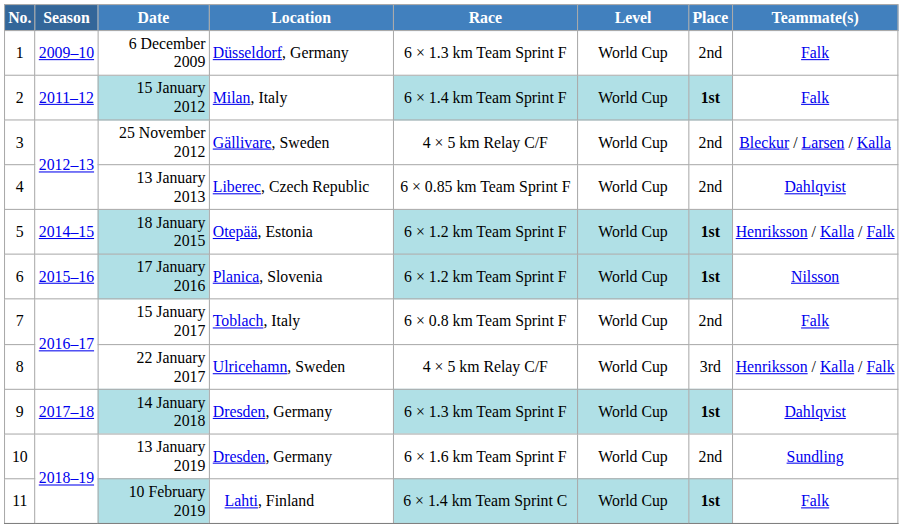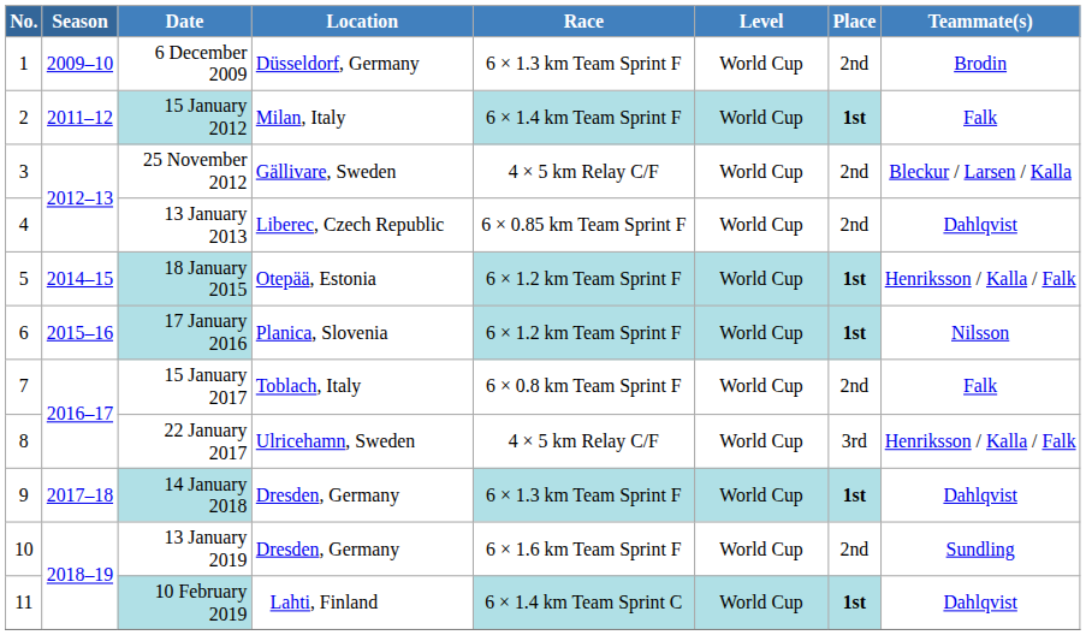 <table class="wikitable sortable" style="font-size:95%; text-align:center; border:grey solid 1px; border-collapse:collapse; background:#ffffff;">
 <tr style="background:#efefef;">
 <th style="background-color:#369; color:white;">No.</th>
 <th style="background-color:#369; color:white;">Season</th>
 <th style="background-color:#4180be; color:white; width:100px;">Date</th>
 <th style="background-color:#4180be; color:white; width:170px;">Location</th>
 <th style="background-color:#4180be; color:white; width:170px;">Race</th>
 <th style="background-color:#4180be; color:white; width:100px;">Level</th>
 <th style="background-color:#4180be; color:white;">Place</th>
 <th style="background-color:#4180be; color:white;">Teammate(s)</th>
 </tr>
 <tr>
 <td align=center>1</td>
 <td rowspan=1 align=center><a href='#'>2009–10</a></td>
 <td align=right>6 December 2009</td>
 <td align=left> <a href='#'>Düsseldorf</a>, Germany</td>
 <td>6 × 1.3 km Team Sprint F</td>
 <td>World Cup</td>
 <td>2nd</td>
-<td><a href='#'>Falk</a></td>
+<td><a href='#'>Brodin</a></td>
 </tr>
 <tr>
 <td align=center>2</td>
 <td rowspan=1 align=center><a href='#'>2011–12</a></td>
 <td bgcolor="#BOEOE6" align=right>15 January 2012</td>
 <td align=left> <a href='#'>Milan</a>, Italy</td>
 <td bgcolor="#BOEOE6" align=center>6 × 1.4 km Team Sprint F</td>
 <td bgcolor="#BOEOE6" align=center>World Cup</td>
 <td bgcolor="#BOEOE6" align=center><strong>1st</strong></td>
 <td><a href='#'>Falk</a></td>
 </tr>
 <tr>
 <td align=center>3</td>
 <td rowspan=2 align=center><a href='#'>2012–13</a></td>
 <td align=right>25 November 2012</td>
 <td align=left> <a href='#'>Gällivare</a>, Sweden</td>
 <td>4 × 5 km Relay C/F</td>
 <td>World Cup</td>
 <td>2nd</td>
 <td><a href='#'>Bleckur</a> / <a href='#'>Larsen</a> / <a href='#'>Kalla</a></td>
 </tr>
 <tr>
 <td align=center>4</td>
 <td align=right>13 January 2013</td>
 <td align=left> <a href='#'>Liberec</a>, Czech Republic</td>
 <td>6 × 0.85 km Team Sprint F</td>
 <td>World Cup</td>
 <td>2nd</td>
 <td><a href='#'>Dahlqvist</a></td>
 </tr>
 <tr>
 <td align=center>5</td>
 <td rowspan=1 align=center><a href='#'>2014–15</a></td>
 <td bgcolor="#BOEOE6" align=right>18 January 2015</td>
 <td align=left> <a href='#'>Otepää</a>, Estonia</td>
 <td bgcolor="#BOEOE6" align=center>6 × 1.2 km Team Sprint F</td>
 <td bgcolor="#BOEOE6" align=center>World Cup</td>
 <td bgcolor="#BOEOE6" align=center><strong>1st</strong></td>
 <td><a href='#'>Henriksson</a> / <a href='#'>Kalla</a> / <a href='#'>Falk</a></td>
 </tr>
 <tr>
 <td align=center>6</td>
 <td rowspan=1 align=center><a href='#'>2015–16</a></td>
 <td bgcolor="#BOEOE6" align=right>17 January 2016</td>
 <td align=left> <a href='#'>Planica</a>, Slovenia</td>
 <td bgcolor="#BOEOE6" align=center>6 × 1.2 km Team Sprint F</td>
 <td bgcolor="#BOEOE6" align=center>World Cup</td>
 <td bgcolor="#BOEOE6" align=center><strong>1st</strong></td>
 <td><a href='#'>Nilsson</a></td>
 </tr>
 <tr>
 <td align=center>7</td>
 <td rowspan=2 align=center><a href='#'>2016–17</a></td>
 <td align=right>15 January 2017</td>
 <td align=left> <a href='#'>Toblach</a>, Italy</td>
 <td>6 × 0.8 km Team Sprint F</td>
 <td>World Cup</td>
 <td>2nd</td>
 <td><a href='#'>Falk</a></td>
 </tr>
 <tr>
 <td align=center>8</td>
 <td align=right>22 January 2017</td>
 <td align=left> <a href='#'>Ulricehamn</a>, Sweden</td>
 <td>4 × 5 km Relay C/F</td>
 <td>World Cup</td>
 <td>3rd</td>
 <td><a href='#'>Henriksson</a> / <a href='#'>Kalla</a> / <a href='#'>Falk</a></td>
 </tr>
 <tr>
 <td align=center>9</td>
 <td rowspan=1 align=center><a href='#'>2017–18</a></td>
 <td bgcolor="#BOEOE6" align=right>14 January 2018</td>
 <td align=left> <a href='#'>Dresden</a>, Germany</td>
 <td bgcolor="#BOEOE6" align=center>6 × 1.3 km Team Sprint F</td>
 <td bgcolor="#BOEOE6" align=center>World Cup</td>
 <td bgcolor="#BOEOE6" align=center><strong>1st</strong></td>
 <td><a href='#'>Dahlqvist</a></td>
 </tr>
 <tr>
 <td align=center>10</td>
 <td rowspan=2 align=center><a href='#'>2018–19</a></td>
 <td align=right>13 January 2019</td>
 <td align=left> <a href='#'>Dresden</a>, Germany</td>
 <td>6 × 1.6 km Team Sprint F</td>
 <td>World Cup</td>
 <td>2nd</td>
 <td><a href='#'>Sundling</a></td>
 </tr>
 <tr>
 <td align=center>11</td>
 <td bgcolor="#BOEOE6" align=right>10 February 2019</td>
 <td align=left>   <a href='#'>Lahti</a>, Finland</td>
 <td bgcolor="#BOEOE6">6 × 1.4 km Team Sprint C</td>
 <td bgcolor="#BOEOE6">World Cup</td>
 <td bgcolor="#BOEOE6"><strong>1st</strong></td>
-<td><a href='#'>Falk</a></td>
+<td><a href='#'>Dahlqvist</a></td>
 </tr>
 <tr>
 </tr>
 </table>
